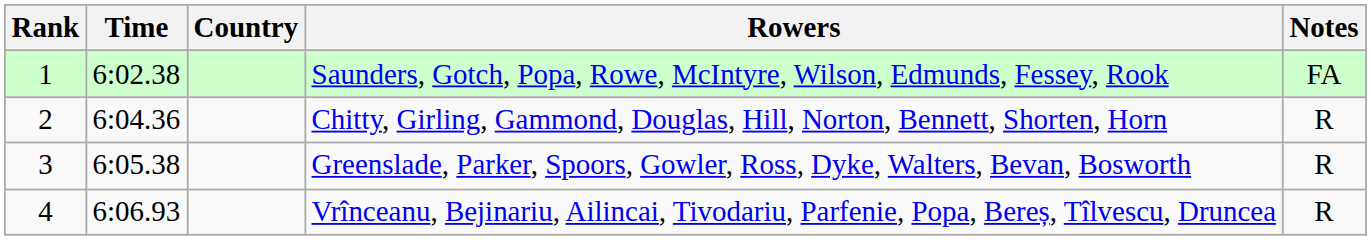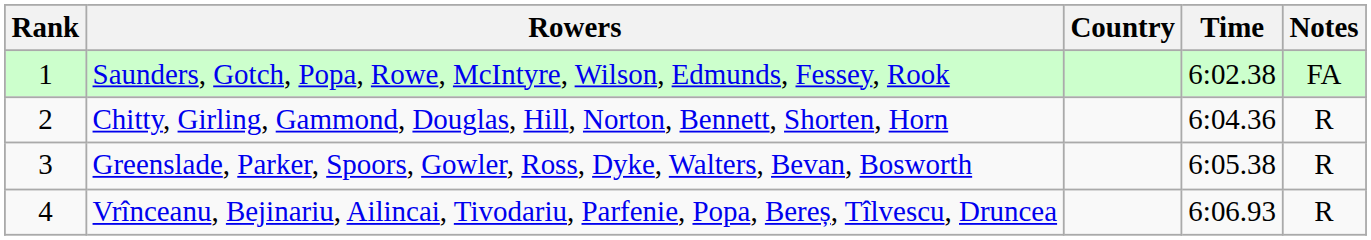 <table class="wikitable" style="text-align:center">
 <tr>
 <th>Rank</th>
+<th>Rowers</th>
+<th>Country</th>
 <th>Time</th>
-<th>Country</th>
-<th>Rowers</th>
 <th>Notes</th>
 </tr>
 <tr bgcolor=ccffcc>
 <td>1</td>
+<td align="left"><a href='#'>Saunders</a>, <a href='#'>Gotch</a>, <a href='#'>Popa</a>, <a href='#'>Rowe</a>, <a href='#'>McIntyre</a>, <a href='#'>Wilson</a>, <a href='#'>Edmunds</a>, <a href='#'>Fessey</a>, <a href='#'>Rook</a></td>
+<td align="left"></td>
 <td>6:02.38</td>
-<td align="left"></td>
-<td align="left"><a href='#'>Saunders</a>, <a href='#'>Gotch</a>, <a href='#'>Popa</a>, <a href='#'>Rowe</a>, <a href='#'>McIntyre</a>, <a href='#'>Wilson</a>, <a href='#'>Edmunds</a>, <a href='#'>Fessey</a>, <a href='#'>Rook</a></td>
 <td>FA</td>
 </tr>
 <tr>
 <td>2</td>
+<td align="left"><a href='#'>Chitty</a>, <a href='#'>Girling</a>, <a href='#'>Gammond</a>, <a href='#'>Douglas</a>, <a href='#'>Hill</a>, <a href='#'>Norton</a>, <a href='#'>Bennett</a>, <a href='#'>Shorten</a>, <a href='#'>Horn</a></td>
+<td align="left"></td>
 <td>6:04.36</td>
-<td align="left"></td>
-<td align="left"><a href='#'>Chitty</a>, <a href='#'>Girling</a>, <a href='#'>Gammond</a>, <a href='#'>Douglas</a>, <a href='#'>Hill</a>, <a href='#'>Norton</a>, <a href='#'>Bennett</a>, <a href='#'>Shorten</a>, <a href='#'>Horn</a></td>
 <td>R</td>
 </tr>
 <tr>
 <td>3</td>
+<td align="left"><a href='#'>Greenslade</a>, <a href='#'>Parker</a>, <a href='#'>Spoors</a>, <a href='#'>Gowler</a>, <a href='#'>Ross</a>, <a href='#'>Dyke</a>, <a href='#'>Walters</a>, <a href='#'>Bevan</a>, <a href='#'>Bosworth</a></td>
+<td align="left"></td>
 <td>6:05.38</td>
-<td align="left"></td>
-<td align="left"><a href='#'>Greenslade</a>, <a href='#'>Parker</a>, <a href='#'>Spoors</a>, <a href='#'>Gowler</a>, <a href='#'>Ross</a>, <a href='#'>Dyke</a>, <a href='#'>Walters</a>, <a href='#'>Bevan</a>, <a href='#'>Bosworth</a></td>
 <td>R</td>
 </tr>
 <tr>
 <td>4</td>
+<td align="left"><a href='#'>Vrînceanu</a>, <a href='#'>Bejinariu</a>, <a href='#'>Ailincai</a>, <a href='#'>Tivodariu</a>, <a href='#'>Parfenie</a>, <a href='#'>Popa</a>, <a href='#'>Bereș</a>, <a href='#'>Tîlvescu</a>, <a href='#'>Druncea</a></td>
+<td align="left"></td>
 <td>6:06.93</td>
-<td align="left"></td>
-<td align="left"><a href='#'>Vrînceanu</a>, <a href='#'>Bejinariu</a>, <a href='#'>Ailincai</a>, <a href='#'>Tivodariu</a>, <a href='#'>Parfenie</a>, <a href='#'>Popa</a>, <a href='#'>Bereș</a>, <a href='#'>Tîlvescu</a>, <a href='#'>Druncea</a></td>
 <td>R</td>
 </tr>
 </table>
